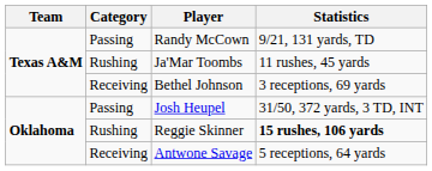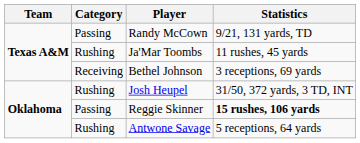 <table class="wikitable" style="float: right;">
 <tr>
 <th>Team</th>
 <th>Category</th>
 <th>Player</th>
 <th>Statistics</th>
 </tr>
 <tr>
 <td rowspan=3><strong>Texas A&M</strong></td>
 <td>Passing</td>
 <td>Randy McCown</td>
 <td>9/21, 131 yards, TD</td>
 </tr>
 <tr>
 <td>Rushing</td>
 <td>Ja'Mar Toombs</td>
 <td>11 rushes, 45 yards</td>
 </tr>
 <tr>
 <td>Receiving</td>
 <td>Bethel Johnson</td>
 <td>3 receptions, 69 yards</td>
 </tr>
 <tr>
 <td rowspan=3><strong>Oklahoma</strong></td>
-<td>Passing</td>
+<td>Rushing</td>
 <td><a href='#'>Josh Heupel</a></td>
 <td>31/50, 372 yards, 3 TD, INT</td>
 </tr>
 <tr>
-<td>Rushing</td>
+<td>Passing</td>
 <td>Reggie Skinner</td>
 <td><strong>15 rushes, 106 yards</strong></td>
 </tr>
 <tr>
-<td>Receiving</td>
+<td>Rushing</td>
 <td><a href='#'>Antwone Savage</a></td>
 <td>5 receptions, 64 yards</td>
 </tr>
 </table>
